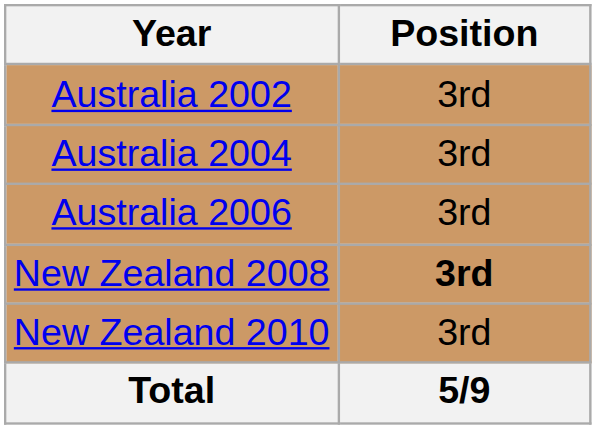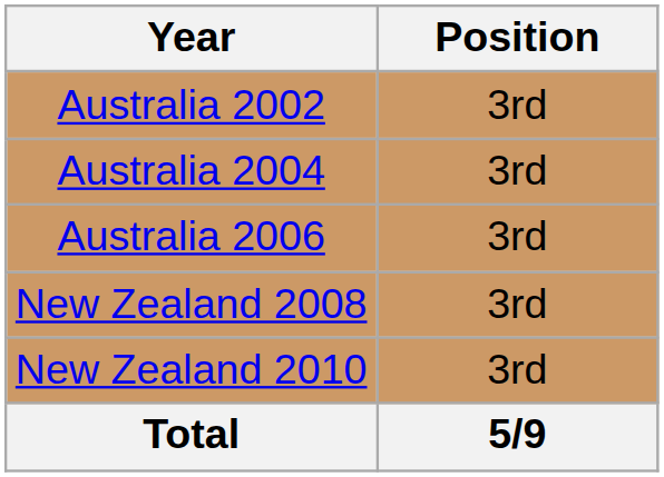 <table class="wikitable" style="text-align: center;">
 <tr>
 <th>Year</th>
 <th width="100">Position</th>
 </tr>
 <tr bgcolor=#cc9966>
 <td><a href='#'>Australia 2002</a></td>
 <td>3rd</td>
 </tr>
 <tr bgcolor=#cc9966>
 <td><a href='#'>Australia 2004</a></td>
 <td>3rd</td>
 </tr>
 <tr bgcolor=#cc9966>
 <td><a href='#'>Australia 2006</a></td>
 <td>3rd</td>
 </tr>
 <tr bgcolor=#cc9966>
 <td><a href='#'>New Zealand 2008</a></td>
-<td><strong>3rd</strong></td>
+<td>3rd</td>
 </tr>
 <tr bgcolor=#cc9966>
 <td><a href='#'>New Zealand 2010</a></td>
 <td>3rd</td>
 </tr>
 <tr>
 <th>Total</th>
 <th>5/9</th>
 </tr>
 </table>
